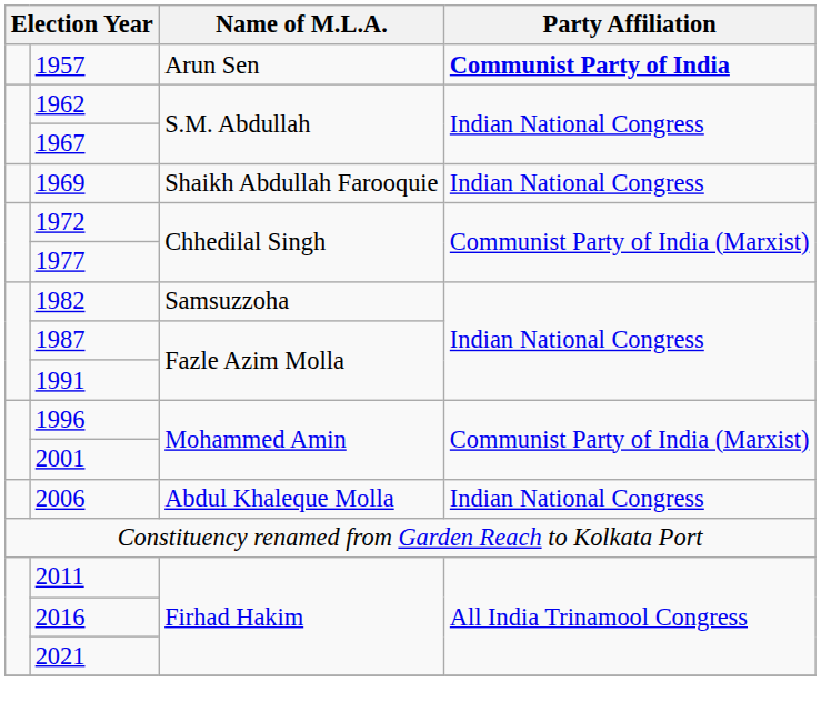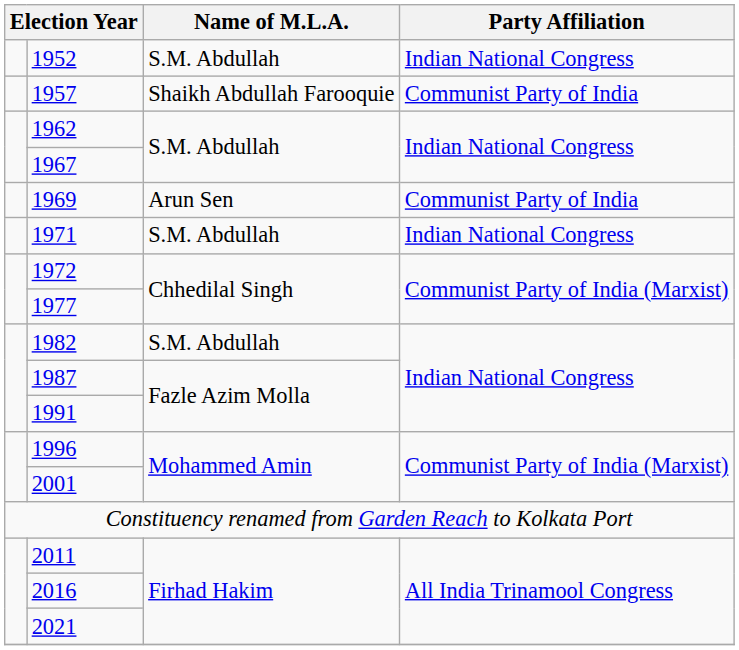 <table class="wikitable sortable">
 <tr>
 <th colspan="2">Election Year</th>
 <th>Name of M.L.A.</th>
 <th>Party Affiliation</th>
 </tr>
 <tr>
 <td style="background-color: "></td>
+<td><a href='#'>1952</a></td>
+<td>S.M. Abdullah</td>
+<td><a href='#'>Indian National Congress</a></td>
+</tr>
+<tr>
+<td style="background-color: "></td>
 <td><a href='#'>1957</a></td>
-<td>Arun Sen</td>
-<td><strong><a href='#'>Communist Party of India</a></strong></td>
+<td>Shaikh Abdullah Farooquie</td>
+<td><a href='#'>Communist Party of India</a></td>
 </tr>
 <tr>
 <td rowspan="2" style="background-color: "></td>
 <td><a href='#'>1962</a></td>
 <td rowspan="2">S.M. Abdullah</td>
 <td rowspan="2"><a href='#'>Indian National Congress</a></td>
 </tr>
 <tr>
 <td><a href='#'>1967</a></td>
 </tr>
 <tr>
 <td style="background-color: "></td>
 <td><a href='#'>1969</a></td>
-<td>Shaikh Abdullah Farooquie</td>
+<td>Arun Sen</td>
+<td><a href='#'>Communist Party of India</a></td>
+</tr>
+<tr>
+<td style="background-color: "></td>
+<td><a href='#'>1971</a></td>
+<td>S.M. Abdullah</td>
 <td><a href='#'>Indian National Congress</a></td>
 </tr>
 <tr>
 <td rowspan="2" style="background-color: "></td>
 <td><a href='#'>1972</a></td>
 <td rowspan="2">Chhedilal Singh</td>
 <td rowspan="2"><a href='#'>Communist Party of India (Marxist)</a></td>
 </tr>
 <tr>
 <td><a href='#'>1977</a></td>
 </tr>
 <tr>
 <td rowspan="3" style="background-color: "></td>
 <td><a href='#'>1982</a></td>
-<td>Samsuzzoha</td>
+<td>S.M. Abdullah</td>
 <td rowspan="3"><a href='#'>Indian National Congress</a></td>
 </tr>
 <tr>
 <td><a href='#'>1987</a></td>
 <td rowspan="2">Fazle Azim Molla</td>
 </tr>
 <tr>
 <td><a href='#'>1991</a></td>
 </tr>
 <tr>
 <td rowspan="2" style="background-color: "></td>
 <td><a href='#'>1996</a></td>
 <td rowspan="2"><a href='#'>Mohammed Amin</a></td>
 <td rowspan="2"><a href='#'>Communist Party of India (Marxist)</a></td>
 </tr>
 <tr>
 <td><a href='#'>2001</a></td>
 </tr>
 <tr>
-<td style="background-color: "></td>
-<td><a href='#'>2006</a></td>
-<td><a href='#'>Abdul Khaleque Molla</a></td>
-<td><a href='#'>Indian National Congress</a></td>
-</tr>
-<tr>
 <td colspan=4 align=center><em>Constituency renamed from <a href='#'>Garden Reach</a> to Kolkata Port</em></td>
 </tr>
 <tr>
 <td rowspan="3" style="background-color: "></td>
 <td><a href='#'>2011</a></td>
 <td rowspan="3"><a href='#'>Firhad Hakim</a></td>
 <td rowspan="3"><a href='#'>All India Trinamool Congress</a></td>
 </tr>
 <tr>
 <td><a href='#'>2016</a></td>
 </tr>
 <tr>
 <td><a href='#'>2021</a></td>
 </tr>
 <tr>
 </tr>
 </table>
